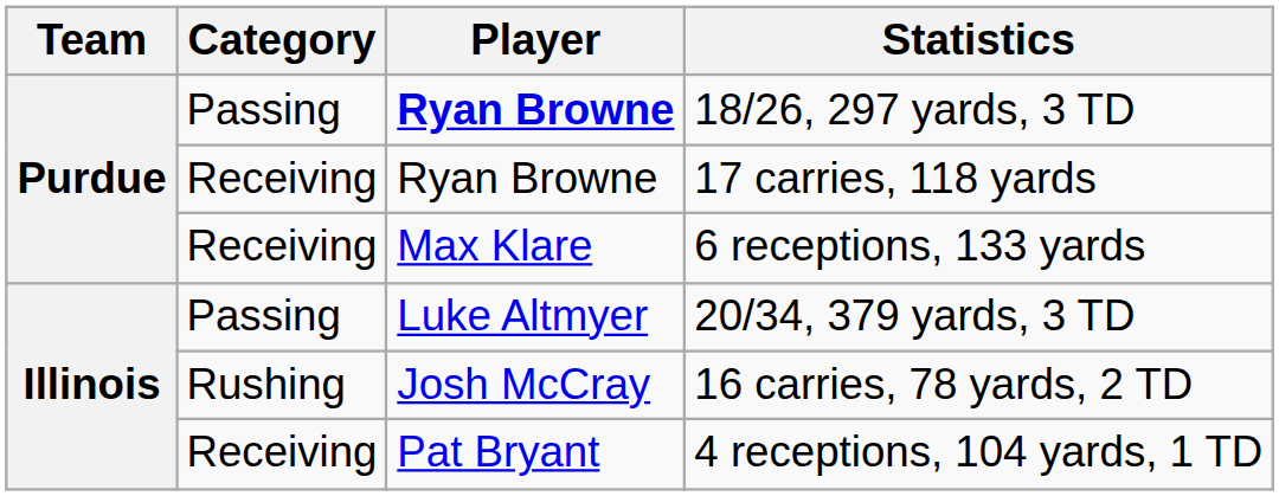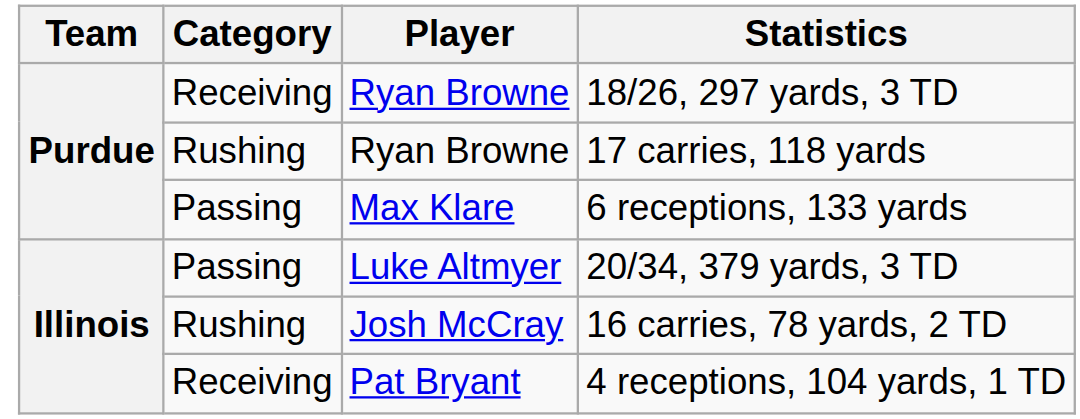 <table class="wikitable" style="float:right">
 <tr>
 <th>Team</th>
 <th>Category</th>
 <th>Player</th>
 <th>Statistics</th>
 </tr>
 <tr>
 <th rowspan=3>Purdue</th>
-<td>Passing</td>
-<td><strong><a href='#'>Ryan Browne</a></strong></td>
+<td>Receiving</td>
+<td><a href='#'>Ryan Browne</a></td>
 <td>18/26, 297 yards, 3 TD</td>
 </tr>
 <tr>
-<td>Receiving</td>
+<td>Rushing</td>
 <td>Ryan Browne</td>
 <td>17 carries, 118 yards</td>
 </tr>
 <tr>
-<td>Receiving</td>
+<td>Passing</td>
 <td><a href='#'>Max Klare</a></td>
 <td>6 receptions, 133 yards</td>
 </tr>
 <tr>
 <th rowspan=3>Illinois</th>
 <td>Passing</td>
 <td><a href='#'>Luke Altmyer</a></td>
 <td>20/34, 379 yards, 3 TD</td>
 </tr>
 <tr>
 <td>Rushing</td>
 <td><a href='#'>Josh McCray</a></td>
 <td>16 carries, 78 yards, 2 TD</td>
 </tr>
 <tr>
 <td>Receiving</td>
 <td><a href='#'>Pat Bryant</a></td>
 <td>4 receptions, 104 yards, 1 TD</td>
 </tr>
 </table>
